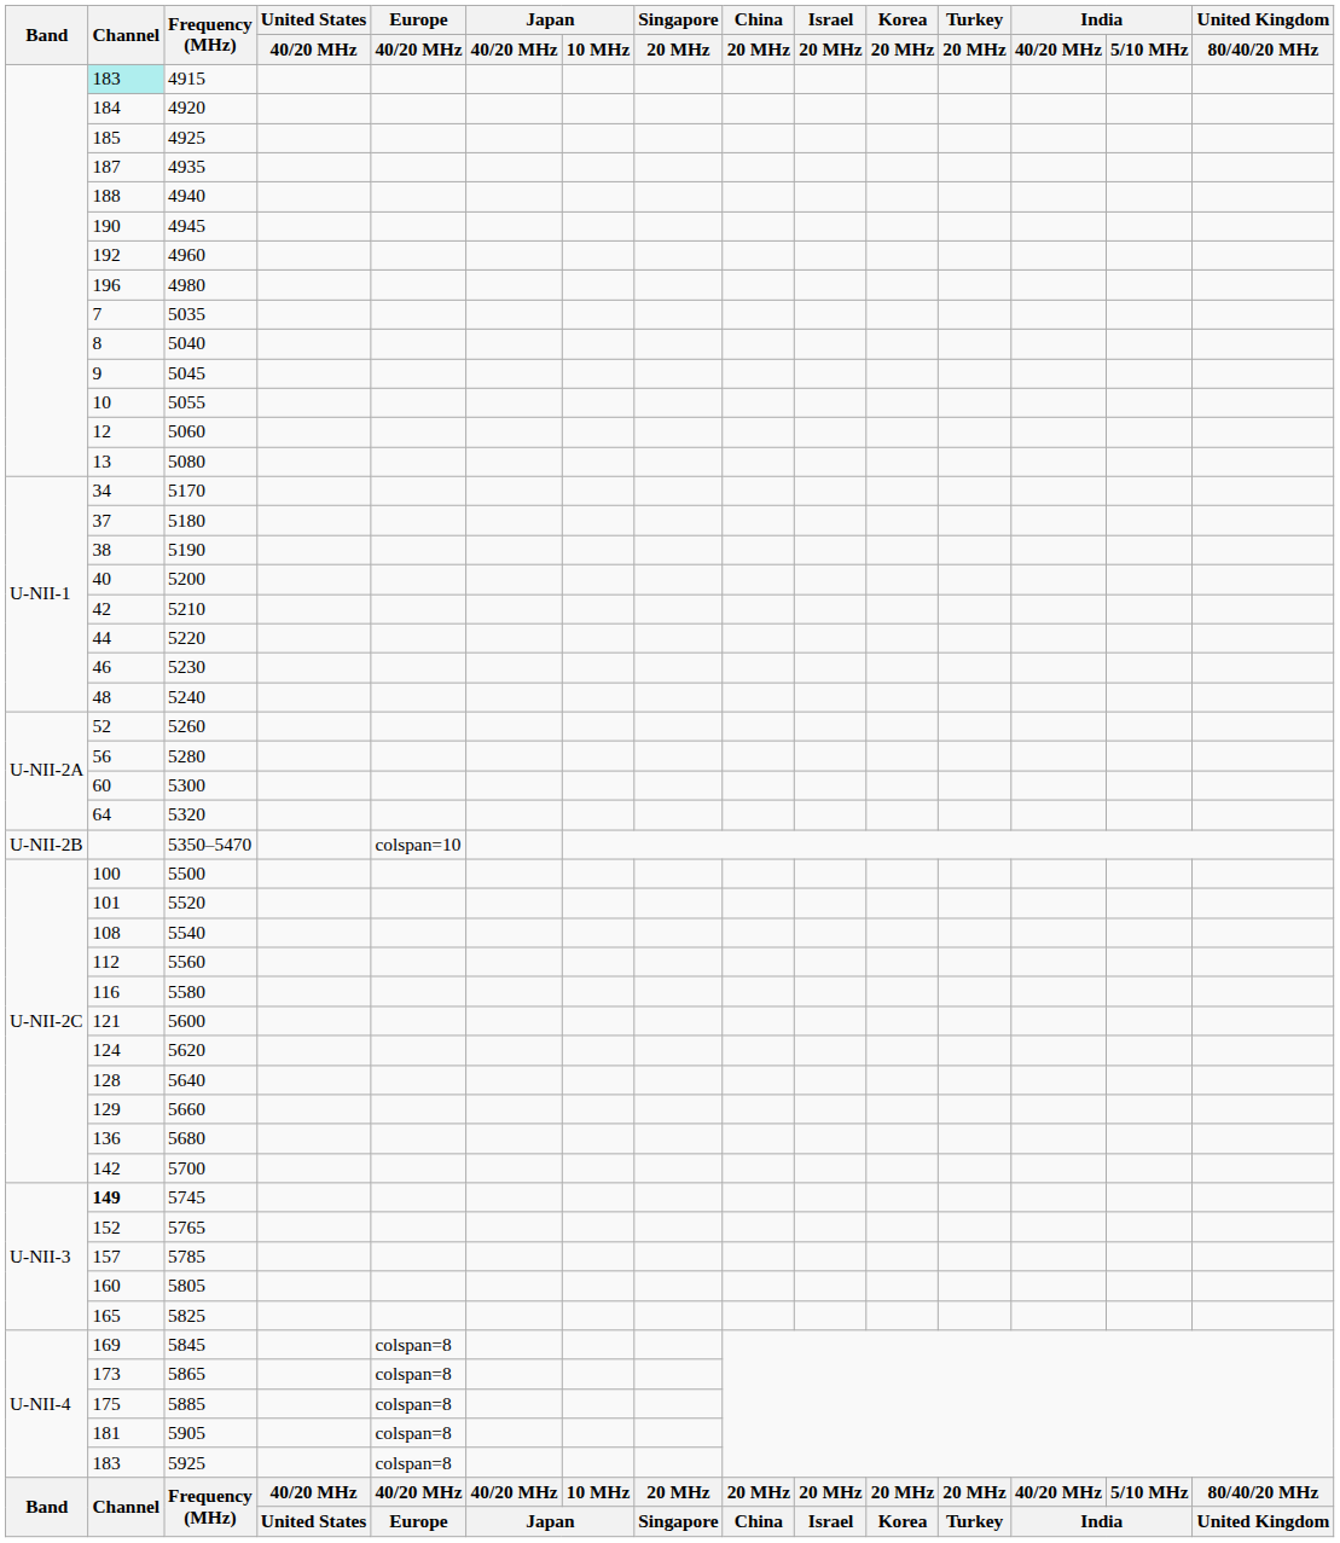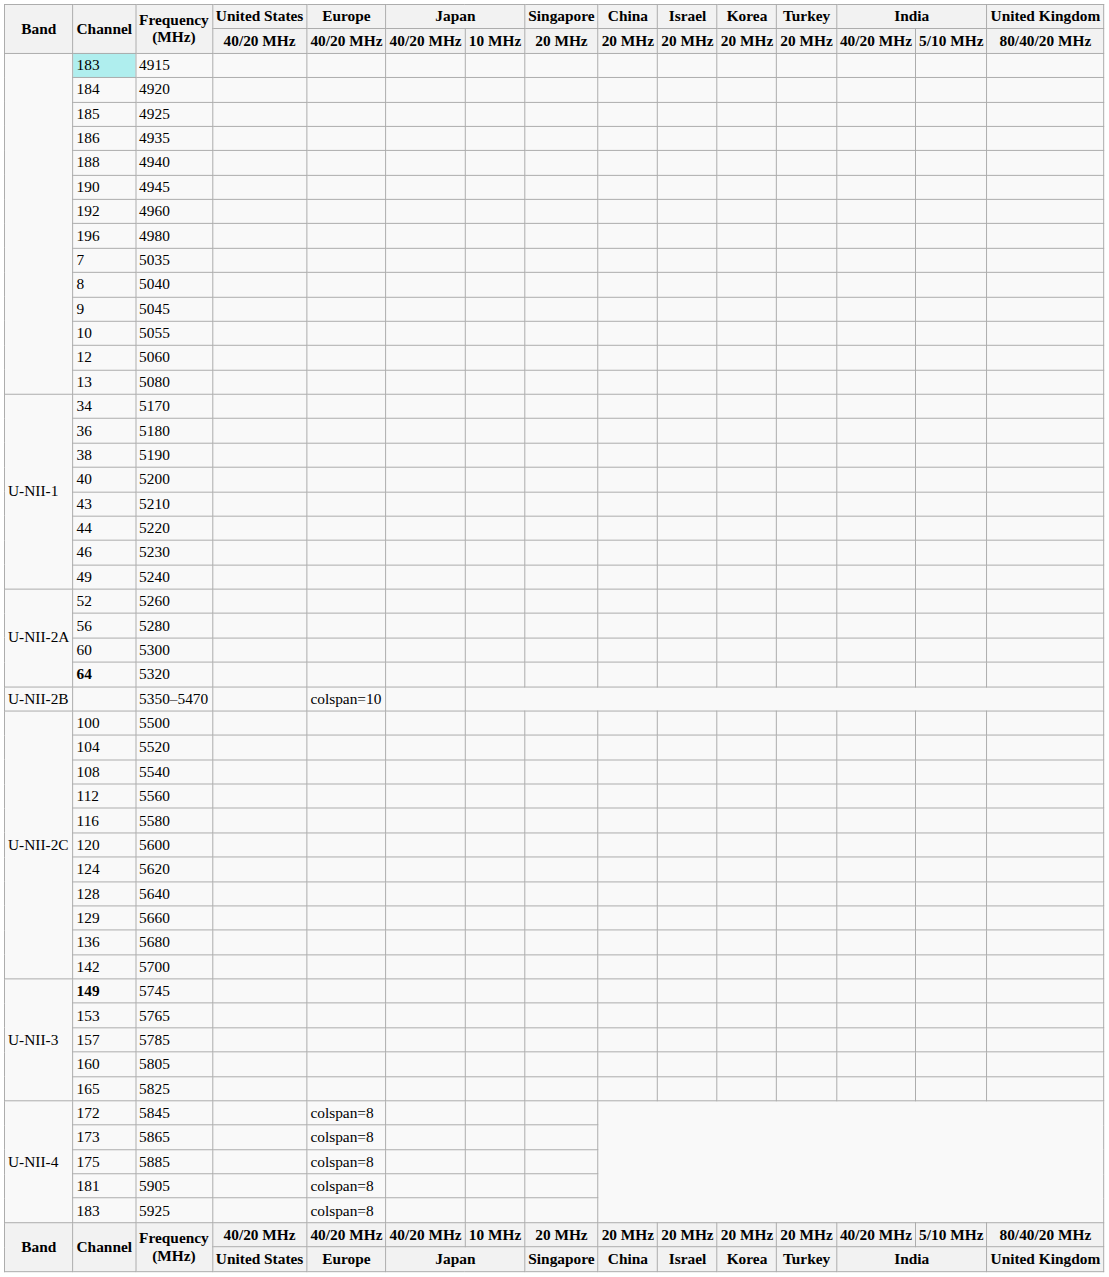 <table class="wikitable sortable sticky-table-head sticky-table-col1">
 <tr>
 <th rowspan=2>Band</th>
 <th rowspan=2>Channel</th>
 <th rowspan=2>Frequency<br>(MHz)</th>
 <th>United States</th>
 <th>Europe</th>
 <th colspan=2>Japan</th>
 <th>Singapore</th>
 <th>China</th>
 <th>Israel</th>
 <th>Korea</th>
 <th>Turkey</th>
 <th colspan=2>India</th>
 <th>United Kingdom</th>
 </tr>
 <tr>
 <th class="unsortable sticky-table-none">40/20 MHz</th>
 <th class="unsortable">40/20 MHz</th>
 <th class="unsortable">40/20 MHz</th>
 <th class="unsortable">10 MHz</th>
 <th class="unsortable">20 MHz</th>
 <th class="unsortable">20 MHz</th>
 <th class="unsortable">20 MHz</th>
 <th class="unsortable">20 MHz</th>
 <th class="unsortable">20 MHz</th>
 <th class="unsortable">40/20 MHz</th>
 <th class="unsortable">5/10 MHz</th>
 <th class="unsortable">80/40/20 MHz</th>
 </tr>
 <tr>
 <td class="sticky-table-none" rowspan=14></td>
 <td class="sticky-table-left" style="background: paleturquoise;">183</td>
 <td>4915</td>
 <td></td>
 <td></td>
 <td></td>
 <td></td>
 <td></td>
 <td></td>
 <td></td>
 <td></td>
 <td></td>
 <td></td>
 <td></td>
 <td></td>
 </tr>
 <tr>
 <td>184</td>
 <td>4920</td>
 <td></td>
 <td></td>
 <td></td>
 <td></td>
 <td></td>
 <td></td>
 <td></td>
 <td></td>
 <td></td>
 <td></td>
 <td></td>
 <td></td>
 </tr>
 <tr>
 <td>185</td>
 <td>4925</td>
 <td></td>
 <td></td>
 <td></td>
 <td></td>
 <td></td>
 <td></td>
 <td></td>
 <td></td>
 <td></td>
 <td></td>
 <td></td>
 <td></td>
 </tr>
 <tr>
-<td>187</td>
+<td>186</td>
 <td>4935</td>
 <td></td>
 <td></td>
 <td></td>
 <td></td>
 <td></td>
 <td></td>
 <td></td>
 <td></td>
 <td></td>
 <td></td>
 <td></td>
 <td></td>
 </tr>
 <tr>
 <td>188</td>
 <td>4940</td>
 <td></td>
 <td></td>
 <td></td>
 <td></td>
 <td></td>
 <td></td>
 <td></td>
 <td></td>
 <td></td>
 <td></td>
 <td></td>
 <td></td>
 </tr>
 <tr>
 <td>190</td>
 <td>4945</td>
 <td></td>
 <td></td>
 <td></td>
 <td></td>
 <td></td>
 <td></td>
 <td></td>
 <td></td>
 <td></td>
 <td></td>
 <td></td>
 <td></td>
 </tr>
 <tr>
 <td>192</td>
 <td>4960</td>
 <td></td>
 <td></td>
 <td></td>
 <td></td>
 <td></td>
 <td></td>
 <td></td>
 <td></td>
 <td></td>
 <td></td>
 <td></td>
 <td></td>
 </tr>
 <tr>
 <td>196</td>
 <td>4980</td>
 <td></td>
 <td></td>
 <td></td>
 <td></td>
 <td></td>
 <td></td>
 <td></td>
 <td></td>
 <td></td>
 <td></td>
 <td></td>
 <td></td>
 </tr>
 <tr>
 <td>7</td>
 <td>5035</td>
 <td></td>
 <td></td>
 <td></td>
 <td></td>
 <td></td>
 <td></td>
 <td></td>
 <td></td>
 <td></td>
 <td></td>
 <td></td>
 <td></td>
 </tr>
 <tr>
 <td>8</td>
 <td>5040</td>
 <td></td>
 <td></td>
 <td></td>
 <td></td>
 <td></td>
 <td></td>
 <td></td>
 <td></td>
 <td></td>
 <td></td>
 <td></td>
 <td></td>
 </tr>
 <tr>
 <td>9</td>
 <td>5045</td>
 <td></td>
 <td></td>
 <td></td>
 <td></td>
 <td></td>
 <td></td>
 <td></td>
 <td></td>
 <td></td>
 <td></td>
 <td></td>
 <td></td>
 </tr>
 <tr>
 <td>10</td>
 <td>5055</td>
 <td></td>
 <td></td>
 <td></td>
 <td></td>
 <td></td>
 <td></td>
 <td></td>
 <td></td>
 <td></td>
 <td></td>
 <td></td>
 <td></td>
 </tr>
 <tr>
 <td>12</td>
 <td>5060</td>
 <td></td>
 <td></td>
 <td></td>
 <td></td>
 <td></td>
 <td></td>
 <td></td>
 <td></td>
 <td></td>
 <td></td>
 <td></td>
 <td></td>
 </tr>
 <tr>
 <td>13</td>
 <td>5080</td>
 <td></td>
 <td></td>
 <td></td>
 <td></td>
 <td></td>
 <td></td>
 <td></td>
 <td></td>
 <td></td>
 <td></td>
 <td></td>
 <td></td>
 </tr>
 <tr>
 <td class="sticky-table-none" rowspan=8>U-NII-1</td>
 <td class="sticky-table-left">34</td>
 <td>5170</td>
 <td></td>
 <td></td>
 <td></td>
 <td></td>
 <td></td>
 <td></td>
 <td></td>
 <td></td>
 <td></td>
 <td></td>
 <td></td>
 <td></td>
 </tr>
 <tr>
-<td>37</td>
+<td>36</td>
 <td>5180</td>
 <td></td>
 <td></td>
 <td></td>
 <td></td>
 <td></td>
 <td></td>
 <td></td>
 <td></td>
 <td></td>
 <td></td>
 <td></td>
 <td></td>
 </tr>
 <tr>
 <td>38</td>
 <td>5190</td>
 <td></td>
 <td></td>
 <td></td>
 <td></td>
 <td></td>
 <td></td>
 <td></td>
 <td></td>
 <td></td>
 <td></td>
 <td></td>
 <td></td>
 </tr>
 <tr>
 <td>40</td>
 <td>5200</td>
 <td></td>
 <td></td>
 <td></td>
 <td></td>
 <td></td>
 <td></td>
 <td></td>
 <td></td>
 <td></td>
 <td></td>
 <td></td>
 <td></td>
 </tr>
 <tr>
-<td>42</td>
+<td>43</td>
 <td>5210</td>
 <td></td>
 <td></td>
 <td></td>
 <td></td>
 <td></td>
 <td></td>
 <td></td>
 <td></td>
 <td></td>
 <td></td>
 <td></td>
 <td></td>
 </tr>
 <tr>
 <td>44</td>
 <td>5220</td>
 <td></td>
 <td></td>
 <td></td>
 <td></td>
 <td></td>
 <td></td>
 <td></td>
 <td></td>
 <td></td>
 <td></td>
 <td></td>
 <td></td>
 </tr>
 <tr>
 <td>46</td>
 <td>5230</td>
 <td></td>
 <td></td>
 <td></td>
 <td></td>
 <td></td>
 <td></td>
 <td></td>
 <td></td>
 <td></td>
 <td></td>
 <td></td>
 <td></td>
 </tr>
 <tr>
-<td>48</td>
+<td>49</td>
 <td>5240</td>
 <td></td>
 <td></td>
 <td></td>
 <td></td>
 <td></td>
 <td></td>
 <td></td>
 <td></td>
 <td></td>
 <td></td>
 <td></td>
 <td></td>
 </tr>
 <tr>
 <td class="sticky-table-none" rowspan=4>U-NII-2A</td>
 <td class="sticky-table-left">52</td>
 <td>5260</td>
 <td></td>
 <td></td>
 <td></td>
 <td></td>
 <td></td>
 <td></td>
 <td></td>
 <td></td>
 <td></td>
 <td></td>
 <td></td>
 <td></td>
 </tr>
 <tr>
 <td>56</td>
 <td>5280</td>
 <td></td>
 <td></td>
 <td></td>
 <td></td>
 <td></td>
 <td></td>
 <td></td>
 <td></td>
 <td></td>
 <td></td>
 <td></td>
 <td></td>
 </tr>
 <tr>
 <td>60</td>
 <td>5300</td>
 <td></td>
 <td></td>
 <td></td>
 <td></td>
 <td></td>
 <td></td>
 <td></td>
 <td></td>
 <td></td>
 <td></td>
 <td></td>
 <td></td>
 </tr>
 <tr>
-<td>64</td>
+<td><strong>64</strong></td>
 <td>5320</td>
 <td></td>
 <td></td>
 <td></td>
 <td></td>
 <td></td>
 <td></td>
 <td></td>
 <td></td>
 <td></td>
 <td></td>
 <td></td>
 <td></td>
 </tr>
 <tr>
 <td>U-NII-2B</td>
 <td></td>
 <td>5350–5470</td>
 <td></td>
 <td>colspan=10 </td>
 <td></td>
 </tr>
 <tr>
 <td class="sticky-table-none" rowspan=11>U-NII-2C</td>
 <td class="sticky-table-left">100</td>
 <td>5500</td>
 <td></td>
 <td></td>
 <td></td>
 <td></td>
 <td></td>
 <td></td>
 <td></td>
 <td></td>
 <td></td>
 <td></td>
 <td></td>
 <td></td>
 </tr>
 <tr>
-<td>101</td>
+<td>104</td>
 <td>5520</td>
 <td></td>
 <td></td>
 <td></td>
 <td></td>
 <td></td>
 <td></td>
 <td></td>
 <td></td>
 <td></td>
 <td></td>
 <td></td>
 <td></td>
 </tr>
 <tr>
 <td>108</td>
 <td>5540</td>
 <td></td>
 <td></td>
 <td></td>
 <td></td>
 <td></td>
 <td></td>
 <td></td>
 <td></td>
 <td></td>
 <td></td>
 <td></td>
 <td></td>
 </tr>
 <tr>
 <td>112</td>
 <td>5560</td>
 <td></td>
 <td></td>
 <td></td>
 <td></td>
 <td></td>
 <td></td>
 <td></td>
 <td></td>
 <td></td>
 <td></td>
 <td></td>
 <td></td>
 </tr>
 <tr>
 <td>116</td>
 <td>5580</td>
 <td></td>
 <td></td>
 <td></td>
 <td></td>
 <td></td>
 <td></td>
 <td></td>
 <td></td>
 <td></td>
 <td></td>
 <td></td>
 <td></td>
 </tr>
 <tr>
-<td>121</td>
+<td>120</td>
 <td>5600</td>
 <td></td>
 <td></td>
 <td></td>
 <td></td>
 <td></td>
 <td></td>
 <td></td>
 <td></td>
 <td></td>
 <td></td>
 <td></td>
 <td></td>
 </tr>
 <tr>
 <td>124</td>
 <td>5620</td>
 <td></td>
 <td></td>
 <td></td>
 <td></td>
 <td></td>
 <td></td>
 <td></td>
 <td></td>
 <td></td>
 <td></td>
 <td></td>
 <td></td>
 </tr>
 <tr>
 <td>128</td>
 <td>5640</td>
 <td></td>
 <td></td>
 <td></td>
 <td></td>
 <td></td>
 <td></td>
 <td></td>
 <td></td>
 <td></td>
 <td></td>
 <td></td>
 <td></td>
 </tr>
 <tr>
 <td>129</td>
 <td>5660</td>
 <td></td>
 <td></td>
 <td></td>
 <td></td>
 <td></td>
 <td></td>
 <td></td>
 <td></td>
 <td></td>
 <td></td>
 <td></td>
 <td></td>
 </tr>
 <tr>
 <td>136</td>
 <td>5680</td>
 <td></td>
 <td></td>
 <td></td>
 <td></td>
 <td></td>
 <td></td>
 <td></td>
 <td></td>
 <td></td>
 <td></td>
 <td></td>
 <td></td>
 </tr>
 <tr>
 <td>142</td>
 <td>5700</td>
 <td></td>
 <td></td>
 <td></td>
 <td></td>
 <td></td>
 <td></td>
 <td></td>
 <td></td>
 <td></td>
 <td></td>
 <td></td>
 <td></td>
 </tr>
 <tr>
 <td class="sticky-table-none" rowspan=5>U-NII-3</td>
 <td class="sticky-table-left"><strong>149</strong></td>
 <td>5745</td>
 <td></td>
 <td></td>
 <td></td>
 <td></td>
 <td></td>
 <td></td>
 <td></td>
 <td></td>
 <td></td>
 <td></td>
 <td></td>
 <td></td>
 </tr>
 <tr>
-<td>152</td>
+<td>153</td>
 <td>5765</td>
 <td></td>
 <td></td>
 <td></td>
 <td></td>
 <td></td>
 <td></td>
 <td></td>
 <td></td>
 <td></td>
 <td></td>
 <td></td>
 <td></td>
 </tr>
 <tr>
 <td>157</td>
 <td>5785</td>
 <td></td>
 <td></td>
 <td></td>
 <td></td>
 <td></td>
 <td></td>
 <td></td>
 <td></td>
 <td></td>
 <td></td>
 <td></td>
 <td></td>
 </tr>
 <tr>
 <td>160</td>
 <td>5805</td>
 <td></td>
 <td></td>
 <td></td>
 <td></td>
 <td></td>
 <td></td>
 <td></td>
 <td></td>
 <td></td>
 <td></td>
 <td></td>
 <td></td>
 </tr>
 <tr>
 <td>165</td>
 <td>5825</td>
 <td></td>
 <td></td>
 <td></td>
 <td></td>
 <td></td>
 <td></td>
 <td></td>
 <td></td>
 <td></td>
 <td></td>
 <td></td>
 <td></td>
 </tr>
 <tr>
 <td class="sticky-table-none" rowspan=5>U-NII-4</td>
-<td class="sticky-table-left">169</td>
+<td class="sticky-table-left">172</td>
 <td>5845</td>
 <td></td>
 <td>colspan=8 </td>
 <td></td>
 <td></td>
 <td></td>
 </tr>
 <tr>
 <td>173</td>
 <td>5865</td>
 <td></td>
 <td>colspan=8 </td>
 <td></td>
 <td></td>
 <td></td>
 </tr>
 <tr>
 <td>175</td>
 <td>5885</td>
 <td></td>
 <td>colspan=8 </td>
 <td></td>
 <td></td>
 <td></td>
 </tr>
 <tr>
 <td>181</td>
 <td>5905</td>
 <td></td>
 <td>colspan=8 </td>
 <td></td>
 <td></td>
 <td></td>
 </tr>
 <tr>
 <td>183</td>
 <td>5925<br></td>
 <td></td>
 <td>colspan=8 </td>
 <td></td>
 <td></td>
 <td></td>
 </tr>
 <tr class="sortbottom">
 <th rowspan=2>Band</th>
 <th rowspan=2>Channel</th>
 <th rowspan=2>Frequency<br>(MHz)</th>
 <th>40/20 MHz</th>
 <th>40/20 MHz</th>
 <th>40/20 MHz</th>
 <th>10 MHz</th>
 <th>20 MHz</th>
 <th>20 MHz</th>
 <th>20 MHz</th>
 <th>20 MHz</th>
 <th>20 MHz</th>
 <th>40/20 MHz</th>
 <th>5/10 MHz</th>
 <th>80/40/20 MHz</th>
 </tr>
 <tr class="sortbottom">
 <th class="sticky-table-none">United States</th>
 <th>Europe</th>
 <th colspan=2>Japan</th>
 <th>Singapore</th>
 <th>China</th>
 <th>Israel</th>
 <th>Korea</th>
 <th>Turkey</th>
 <th colspan=2>India</th>
 <th>United Kingdom</th>
 </tr>
 </table>
